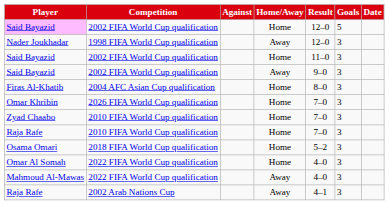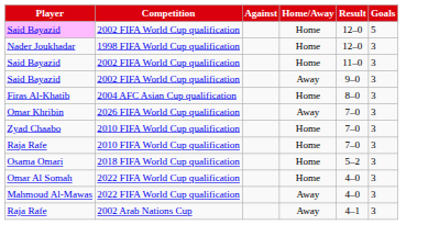 <table class="wikitable sortable" style="font-size:95%;">
 <tr>
 <th style="background: #db000d; color: #FFFFFF;">Player</th>
 <th style="background: #db000d; color: #FFFFFF;">Competition</th>
 <th style="background: #db000d; color: #FFFFFF;">Against</th>
 <th style="background: #db000d; color: #FFFFFF;">Home/Away</th>
 <th style="background: #db000d; color: #FFFFFF;">Result</th>
 <th style="background: #db000d; color: #FFFFFF;">Goals</th>
-<th style="background: #db000d; color: #FFFFFF;">Date</th>
 </tr>
 <tr>
 <td style="background:#ffbbff"><a href='#'>Said Bayazid</a></td>
 <td><a href='#'>2002 FIFA World Cup qualification</a></td>
 <td></td>
 <td style="text-align:center;">Home</td>
 <td style="text-align:center;">12–0</td>
 <td>5</td>
-<td></td>
 </tr>
 <tr>
 <td><a href='#'>Nader Joukhadar</a></td>
 <td><a href='#'>1998 FIFA World Cup qualification</a></td>
 <td></td>
-<td style="text-align:center;">Away</td>
+<td style="text-align:center;">Home</td>
 <td style="text-align:center;">12–0</td>
 <td>3</td>
-<td></td>
 </tr>
 <tr>
 <td><a href='#'>Said Bayazid</a></td>
 <td><a href='#'>2002 FIFA World Cup qualification</a></td>
 <td></td>
 <td style="text-align:center;">Home</td>
 <td style="text-align:center;">11–0</td>
 <td>3</td>
-<td></td>
 </tr>
 <tr>
 <td><a href='#'>Said Bayazid</a></td>
 <td><a href='#'>2002 FIFA World Cup qualification</a></td>
 <td></td>
 <td style="text-align:center;">Away</td>
 <td style="text-align:center;">9–0</td>
 <td>3</td>
-<td></td>
 </tr>
 <tr>
 <td><a href='#'>Firas Al-Khatib</a></td>
 <td><a href='#'>2004 AFC Asian Cup qualification</a></td>
 <td></td>
 <td style="text-align:center;">Home</td>
 <td style="text-align:center;">8–0</td>
 <td>3</td>
-<td></td>
 </tr>
 <tr>
 <td><a href='#'>Omar Khribin</a></td>
 <td><a href='#'>2026 FIFA World Cup qualification</a></td>
 <td></td>
-<td style="text-align:center;">Home</td>
+<td style="text-align:center;">Away</td>
 <td style="text-align:center;">7–0</td>
 <td>3</td>
-<td></td>
 </tr>
 <tr>
 <td><a href='#'>Zyad Chaabo</a></td>
 <td><a href='#'>2010 FIFA World Cup qualification</a></td>
 <td></td>
 <td style="text-align:center;">Home</td>
 <td style="text-align:center;">7–0</td>
 <td>3</td>
-<td></td>
 </tr>
 <tr>
 <td><a href='#'>Raja Rafe</a></td>
 <td><a href='#'>2010 FIFA World Cup qualification</a></td>
 <td></td>
 <td style="text-align:center;">Home</td>
 <td style="text-align:center;">7–0</td>
 <td>3</td>
-<td></td>
 </tr>
 <tr>
 <td><a href='#'>Osama Omari</a></td>
 <td><a href='#'>2018 FIFA World Cup qualification</a></td>
 <td></td>
 <td style="text-align:center;">Home</td>
 <td style="text-align:center;">5–2</td>
 <td>3</td>
-<td></td>
 </tr>
 <tr>
 <td><a href='#'>Omar Al Somah</a></td>
 <td><a href='#'>2022 FIFA World Cup qualification</a></td>
 <td></td>
 <td style="text-align:center;">Home</td>
 <td style="text-align:center;">4–0</td>
 <td>3</td>
-<td></td>
 </tr>
 <tr>
 <td><a href='#'>Mahmoud Al-Mawas</a></td>
 <td><a href='#'>2022 FIFA World Cup qualification</a></td>
 <td></td>
 <td style="text-align:center;">Away</td>
 <td style="text-align:center;">4–0</td>
 <td>3</td>
-<td></td>
 </tr>
 <tr>
 <td><a href='#'>Raja Rafe</a></td>
 <td><a href='#'>2002 Arab Nations Cup</a></td>
 <td></td>
 <td style="text-align:center;">Away</td>
 <td style="text-align:center;">4–1</td>
 <td>3</td>
-<td></td>
 </tr>
 </table>
